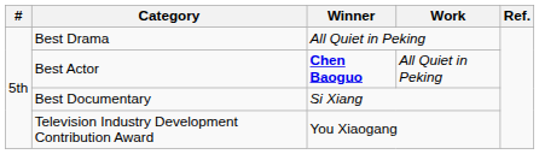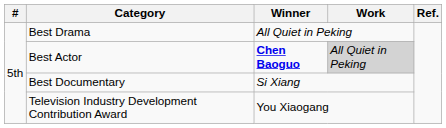 <table class="wikitable" style="width:600px">
 <tr>
 <th>#</th>
 <th>Category</th>
 <th>Winner</th>
 <th>Work</th>
 <th>Ref.</th>
 </tr>
 <tr>
 <td rowspan=5>5th</td>
 <td>Best Drama</td>
 <td colspan=2><em>All Quiet in Peking</em></td>
 <td rowspan=4></td>
 </tr>
 <tr>
 <td>Best Actor</td>
 <td><strong><a href='#'>Chen Baoguo</a></strong></td>
-<td><em>All Quiet in Peking</em></td>
+<td style="background: lightgrey;"><em>All Quiet in Peking</em></td>
 </tr>
 <tr>
 <td>Best Documentary</td>
 <td colspan=2><em>Si Xiang</em></td>
 </tr>
 <tr>
 <td>Television Industry Development Contribution Award</td>
 <td colspan=2>You Xiaogang</td>
 </tr>
 </table>
